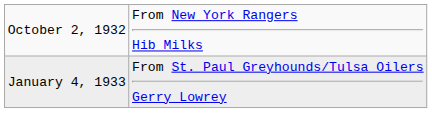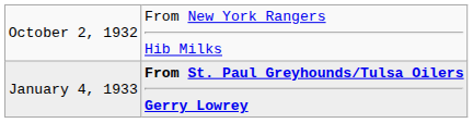 <table class="wikitable">
 <tr>
 <td>October 2, 1932</td>
 <td valign="top">From <a href='#'>New York Rangers</a><hr><a href='#'>Hib Milks</a></td>
 </tr>
 <tr style="background:#eee;">
 <td>January 4, 1933</td>
-<td valign="top">From <a href='#'>St. Paul Greyhounds/Tulsa Oilers</a><hr><a href='#'>Gerry Lowrey</a></td>
+<td valign="top"><strong>From <a href='#'>St. Paul Greyhounds/Tulsa Oilers</a><hr><a href='#'>Gerry Lowrey</a></strong></td>
 </tr>
 </table>
